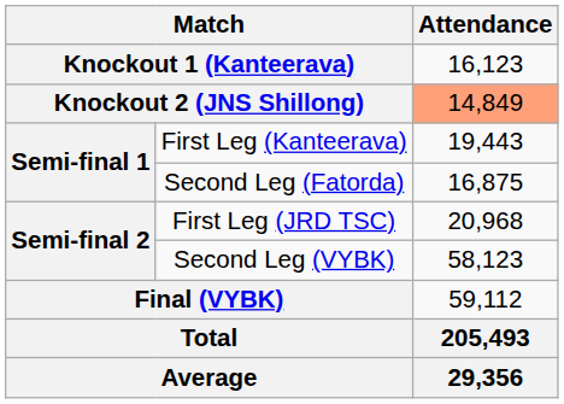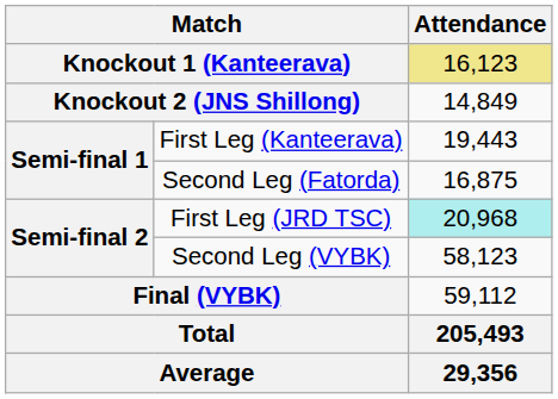 <table class="wikitable plainrowheaders sortable" style="text-align:center;">
 <tr>
 <th colspan="2">Match</th>
 <th>Attendance</th>
 </tr>
 <tr>
 <th colspan="2" scope="row">Knockout 1 <a href='#'>(Kanteerava)</a></th>
-<td>16,123</td>
+<td style="background: khaki;">16,123</td>
 </tr>
 <tr>
 <th colspan="2" scope="row">Knockout 2 <a href='#'>(JNS Shillong)</a></th>
-<td style="background: lightsalmon;">14,849</td>
+<td>14,849</td>
 </tr>
 <tr>
 <th rowspan="2" scope="row">Semi-final 1</th>
 <td>First Leg <a href='#'>(Kanteerava)</a></td>
 <td>19,443</td>
 </tr>
 <tr>
 <td>Second Leg <a href='#'>(Fatorda)</a></td>
 <td>16,875</td>
 </tr>
 <tr>
 <th rowspan="2" scope="row">Semi-final 2</th>
 <td>First Leg <a href='#'>(JRD TSC)</a></td>
-<td>20,968</td>
+<td style="background: paleturquoise;">20,968</td>
 </tr>
 <tr>
 <td>Second Leg <a href='#'>(VYBK)</a></td>
 <td>58,123</td>
 </tr>
 <tr>
 <th colspan="2" scope="row">Final <a href='#'>(VYBK)</a></th>
 <td>59,112</td>
 </tr>
 <tr>
 <th colspan="2">Total</th>
 <th>205,493</th>
 </tr>
 <tr>
 <th colspan="2">Average</th>
 <th>29,356</th>
 </tr>
 </table>
